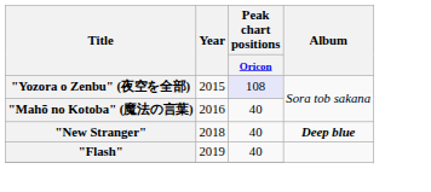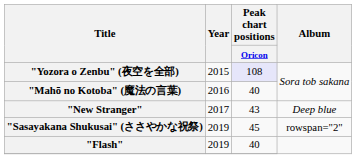 <table class="wikitable plainrowheaders" style="text-align:center;">
 <tr>
 <th scope="col" rowspan="2">Title</th>
 <th scope="col" rowspan="2">Year</th>
 <th scope="col" colspan="1">Peak <br> chart <br> positions</th>
 <th scope="col" rowspan="2">Album</th>
 </tr>
 <tr>
 <th scope="col"><small><a href='#'>Oricon</a></small></th>
 </tr>
 <tr>
 <th scope="row">"Yozora o Zenbu" (夜空を全部)</th>
 <td>2015</td>
 <td style="background: lavender;">108</td>
 <td rowspan="2"><em>Sora tob sakana</em></td>
 </tr>
 <tr>
 <th scope="row">"Mahō no Kotoba" (魔法の言葉)</th>
 <td>2016</td>
 <td>40</td>
 </tr>
 <tr>
 <th scope="row">"New Stranger"</th>
-<td>2018</td>
-<td>40</td>
-<td><strong><em>Deep blue</em></strong></td>
+<td>2017</td>
+<td>43</td>
+<td><em>Deep blue</em></td>
+</tr>
+<tr>
+<th scope="row">"Sasayakana Shukusai" (ささやかな祝祭)</th>
+<td>2019</td>
+<td>45</td>
+<td>rowspan="2" </td>
 </tr>
 <tr>
 <th scope="row">"Flash"</th>
 <td>2019</td>
 <td>40</td>
 </tr>
 <tr>
 </tr>
 </table>
